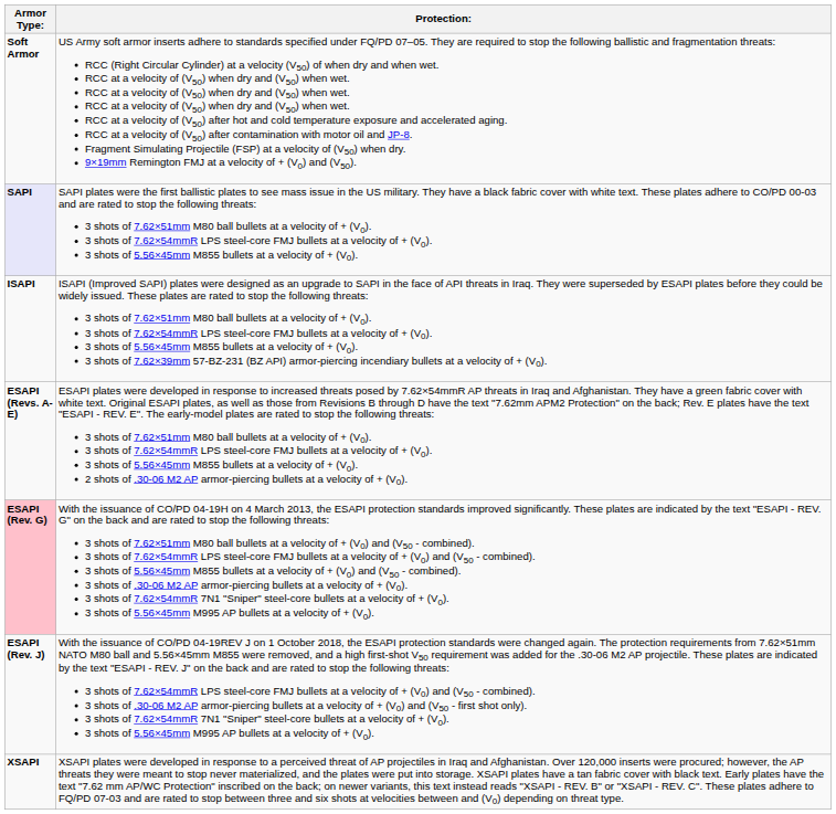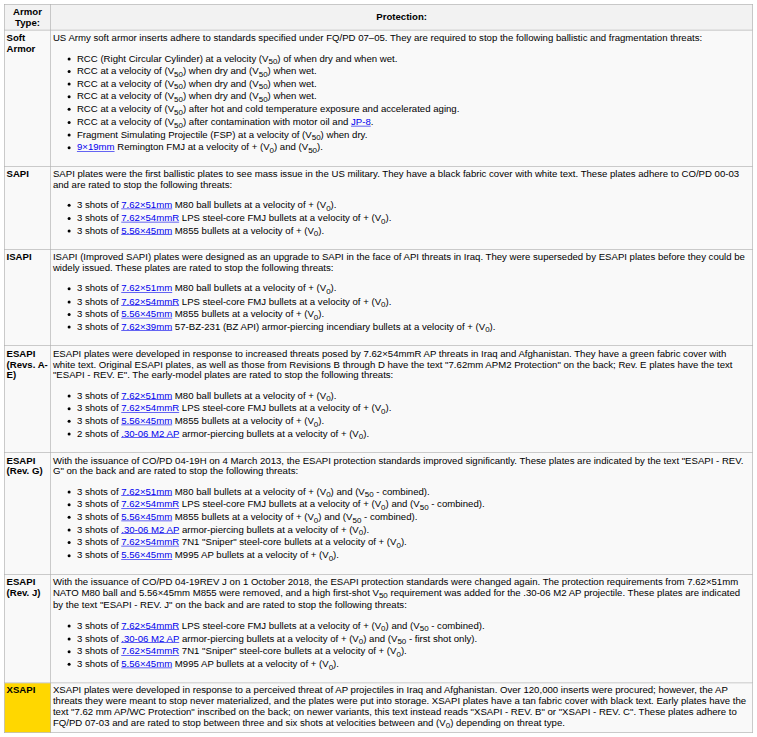 <table class="wikitable">
 <tr>
 <th>Armor Type:</th>
 <th>Protection:</th>
 </tr>
 <tr style="vertical-align: top;">
 <td><strong>Soft Armor</strong><br></td>
 <td>US Army soft armor inserts adhere to standards specified under FQ/PD 07–05. They are required to stop the following ballistic and fragmentation threats:<br><ul><li> RCC (Right Circular Cylinder) at a velocity (V<sub>50</sub>) of  when dry and  when wet.</li><li> RCC at a velocity of  (V<sub>50</sub>) when dry and  (V<sub>50</sub>) when wet.</li><li> RCC at a velocity of  (V<sub>50</sub>) when dry and  (V<sub>50</sub>) when wet.</li><li> RCC at a velocity of  (V<sub>50</sub>) when dry and  (V<sub>50</sub>) when wet.</li><li> RCC at a velocity of  (V<sub>50</sub>) after hot and cold temperature exposure and accelerated aging.</li><li> RCC at a velocity of  (V<sub>50</sub>) after contamination with motor oil and <a href='#'>JP-8</a>.</li><li> Fragment Simulating Projectile (FSP) at a velocity of  (V<sub>50</sub>) when dry.</li><li> <a href='#'>9×19mm</a> Remington FMJ at a velocity of + (V<sub>0</sub>) and  (V<sub>50</sub>).</li></ul></td>
 </tr>
 <tr style="vertical-align: top;">
-<td style="background: lavender;"><strong>SAPI</strong><br></td>
+<td><strong>SAPI</strong><br></td>
 <td>SAPI plates were the first ballistic plates to see mass issue in the US military. They have a black fabric cover with white text. These plates adhere to CO/PD 00-03 and are rated to stop the following threats:<br><ul><li>3 shots of  <a href='#'>7.62×51mm</a> M80 ball bullets at a velocity of + (V<sub>0</sub>).</li><li>3 shots of  <a href='#'>7.62×54mmR</a> LPS steel-core FMJ bullets at a velocity of + (V<sub>0</sub>).</li><li>3 shots of  <a href='#'>5.56×45mm</a> M855 bullets at a velocity of + (V<sub>0</sub>).</li></ul></td>
 </tr>
 <tr style="vertical-align: top;">
 <td><strong>ISAPI</strong><br></td>
 <td>ISAPI (Improved SAPI) plates were designed as an upgrade to SAPI in the face of API threats in Iraq. They were superseded by ESAPI plates before they could be widely issued. These plates are rated to stop the following threats:<br><ul><li>3 shots of  <a href='#'>7.62×51mm</a> M80 ball bullets at a velocity of + (V<sub>0</sub>).</li><li>3 shots of  <a href='#'>7.62×54mmR</a> LPS steel-core FMJ bullets at a velocity of + (V<sub>0</sub>).</li><li>3 shots of  <a href='#'>5.56×45mm</a> M855 bullets at a velocity of + (V<sub>0</sub>).</li><li>3 shots of  <a href='#'>7.62×39mm</a> 57-BZ-231 (BZ API) armor-piercing incendiary bullets at a velocity of + (V<sub>0</sub>).</li></ul></td>
 </tr>
 <tr style="vertical-align: top;">
 <td><strong>ESAPI (Revs. A-E)</strong><br></td>
 <td>ESAPI plates were developed in response to increased threats posed by 7.62×54mmR AP threats in Iraq and Afghanistan. They have a green fabric cover with white text. Original ESAPI plates, as well as those from Revisions B through D have the text "7.62mm APM2 Protection" on the back; Rev. E plates have the text "ESAPI - REV. E". The early-model plates are rated to stop the following threats:<br><ul><li>3 shots of  <a href='#'>7.62×51mm</a> M80 ball bullets at a velocity of + (V<sub>0</sub>).</li><li>3 shots of  <a href='#'>7.62×54mmR</a> LPS steel-core FMJ bullets at a velocity of + (V<sub>0</sub>).</li><li>3 shots of  <a href='#'>5.56×45mm</a> M855 bullets at a velocity of + (V<sub>0</sub>).</li><li>2 shots of  <a href='#'>.30-06 M2 AP</a> armor-piercing bullets at a velocity of + (V<sub>0</sub>).</li></ul></td>
 </tr>
 <tr style="vertical-align: top;">
-<td style="background: pink;"><strong>ESAPI (Rev. G)</strong><br></td>
+<td><strong>ESAPI (Rev. G)</strong><br></td>
 <td>With the issuance of CO/PD 04-19H on 4 March 2013, the ESAPI protection standards improved significantly. These plates are indicated by the text "ESAPI - REV. G" on the back and are rated to stop the following threats:<br><ul><li>3 shots of  <a href='#'>7.62×51mm</a> M80 ball bullets at a velocity of + (V<sub>0</sub>) and  (V<sub>50</sub> - combined).</li><li>3 shots of  <a href='#'>7.62×54mmR</a> LPS steel-core FMJ bullets at a velocity of + (V<sub>0</sub>) and  (V<sub>50</sub> - combined).</li><li>3 shots of  <a href='#'>5.56×45mm</a> M855 bullets at a velocity of + (V<sub>0</sub>) and  (V<sub>50</sub> - combined).</li><li>3 shots of  <a href='#'>.30-06 M2 AP</a> armor-piercing bullets at a velocity of + (V<sub>0</sub>).</li><li>3 shots of  <a href='#'>7.62×54mmR</a> 7N1 "Sniper" steel-core bullets at a velocity of + (V<sub>0</sub>).</li><li>3 shots of  <a href='#'>5.56×45mm</a> M995 AP bullets at a velocity of + (V<sub>0</sub>).</li></ul></td>
 </tr>
 <tr style="vertical-align: top;">
 <td><strong>ESAPI (Rev. J)</strong><br></td>
 <td>With the issuance of CO/PD 04-19REV J on 1 October 2018, the ESAPI protection standards were changed again. The protection requirements from 7.62×51mm NATO M80 ball and 5.56×45mm M855 were removed, and a high first-shot V<sub>50</sub> requirement was added for the .30-06 M2 AP projectile. These plates are indicated by the text "ESAPI - REV. J" on the back and are rated to stop the following threats:<br><ul><li>3 shots of  <a href='#'>7.62×54mmR</a> LPS steel-core FMJ bullets at a velocity of + (V<sub>0</sub>) and  (V<sub>50</sub> - combined).</li><li>3 shots of  <a href='#'>.30-06 M2 AP</a> armor-piercing bullets at a velocity of + (V<sub>0</sub>) and  (V<sub>50</sub> - first shot only).</li><li>3 shots of  <a href='#'>7.62×54mmR</a> 7N1 "Sniper" steel-core bullets at a velocity of + (V<sub>0</sub>).</li><li>3 shots of  <a href='#'>5.56×45mm</a> M995 AP bullets at a velocity of + (V<sub>0</sub>).</li></ul></td>
 </tr>
 <tr style="vertical-align: top;">
-<td><strong>XSAPI</strong><br></td>
+<td style="background: gold;"><strong>XSAPI</strong><br></td>
 <td>XSAPI plates were developed in response to a perceived threat of AP projectiles in Iraq and Afghanistan. Over 120,000 inserts were procured; however, the AP threats they were meant to stop never materialized, and the plates were put into storage. XSAPI plates have a tan fabric cover with black text. Early plates have the text "7.62 mm AP/WC Protection" inscribed on the back; on newer variants, this text instead reads "XSAPI - REV. B" or "XSAPI - REV. C". These plates adhere to FQ/PD 07-03 and are rated to stop between three and six shots at velocities between  and   (V<sub>0</sub>) depending on threat type.</td>
 </tr>
 </table>
